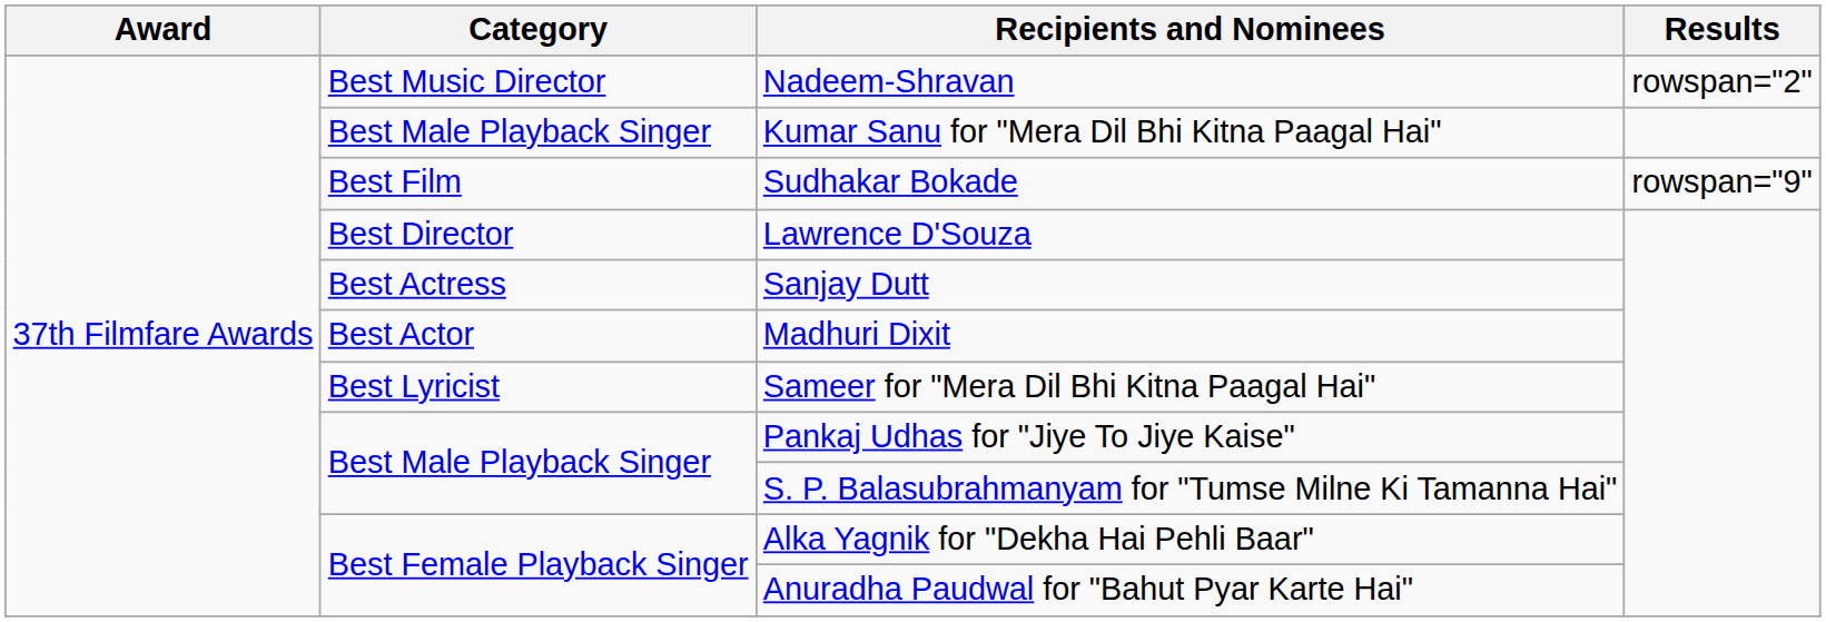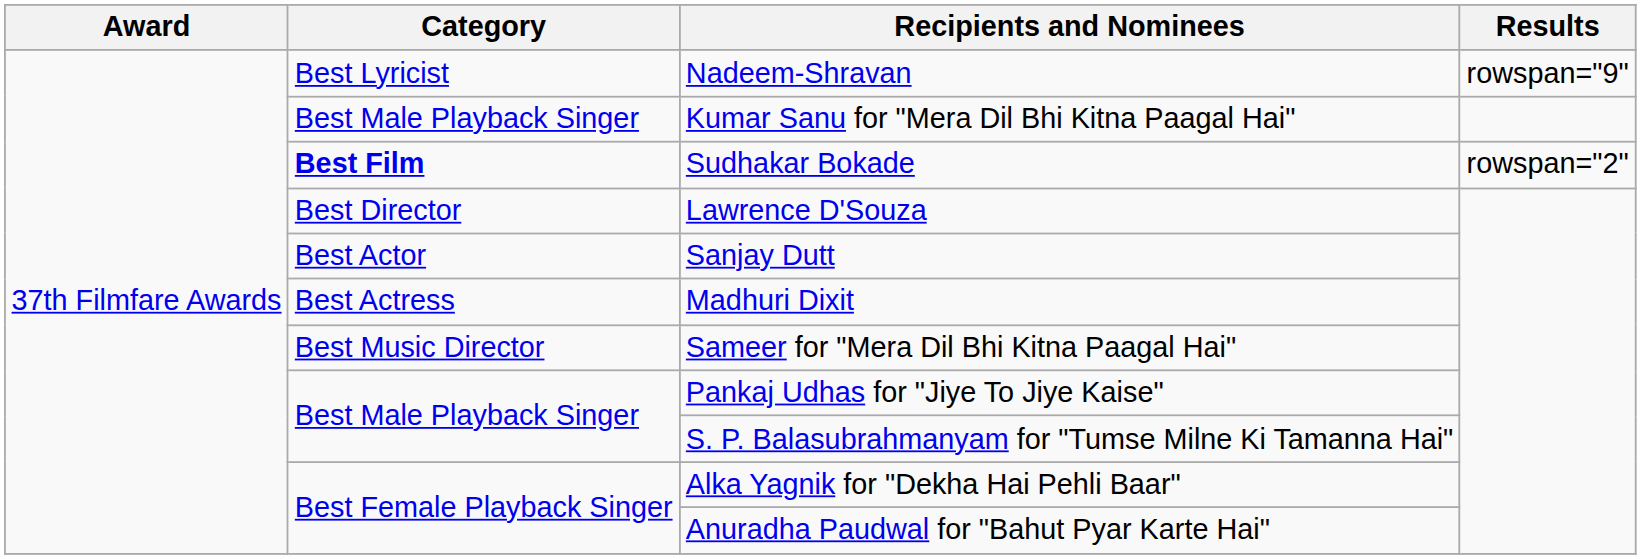 <table class="wikitable plainrowheaders sortable">
 <tr>
 <th>Award</th>
 <th>Category</th>
 <th>Recipients and Nominees</th>
 <th>Results</th>
 </tr>
 <tr>
 <td rowspan="11"><a href='#'>37th Filmfare Awards</a></td>
-<td><a href='#'>Best Music Director</a></td>
+<td><a href='#'>Best Lyricist</a></td>
 <td><a href='#'>Nadeem-Shravan</a></td>
-<td>rowspan="2" </td>
+<td>rowspan="9" </td>
 </tr>
 <tr>
 <td><a href='#'>Best Male Playback Singer</a></td>
 <td><a href='#'>Kumar Sanu</a> for "Mera Dil Bhi Kitna Paagal Hai"</td>
 </tr>
 <tr>
-<td><a href='#'>Best Film</a></td>
+<td><strong><a href='#'>Best Film</a></strong></td>
 <td><a href='#'>Sudhakar Bokade</a></td>
-<td>rowspan="9" </td>
+<td>rowspan="2" </td>
 </tr>
 <tr>
 <td><a href='#'>Best Director</a></td>
 <td><a href='#'>Lawrence D'Souza</a></td>
 </tr>
 <tr>
-<td><a href='#'>Best Actress</a></td>
+<td><a href='#'>Best Actor</a></td>
 <td><a href='#'>Sanjay Dutt</a></td>
 </tr>
 <tr>
-<td><a href='#'>Best Actor</a></td>
+<td><a href='#'>Best Actress</a></td>
 <td><a href='#'>Madhuri Dixit</a></td>
 </tr>
 <tr>
-<td><a href='#'>Best Lyricist</a></td>
+<td><a href='#'>Best Music Director</a></td>
 <td><a href='#'>Sameer</a> for "Mera Dil Bhi Kitna Paagal Hai"</td>
 </tr>
 <tr>
 <td rowspan="2"><a href='#'>Best Male Playback Singer</a></td>
 <td><a href='#'>Pankaj Udhas</a> for "Jiye To Jiye Kaise"</td>
 </tr>
 <tr>
 <td><a href='#'>S. P. Balasubrahmanyam</a> for "Tumse Milne Ki Tamanna Hai"</td>
 </tr>
 <tr>
 <td rowspan="2"><a href='#'>Best Female Playback Singer</a></td>
 <td><a href='#'>Alka Yagnik</a> for "Dekha Hai Pehli Baar"</td>
 </tr>
 <tr>
 <td><a href='#'>Anuradha Paudwal</a> for "Bahut Pyar Karte Hai"</td>
 </tr>
 </table>
